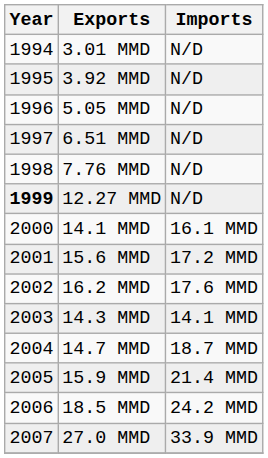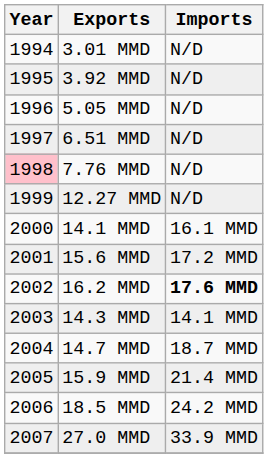 <table class="wikitable"  style="margin:1em auto;">
 <tr>
 <th>Year</th>
 <th>Exports</th>
 <th>Imports</th>
 </tr>
 <tr ---->
 <td>1994</td>
 <td>3.01 MMD</td>
 <td>N/D</td>
 </tr>
 <tr bgcolor="#EFEFEF">
 <td>1995</td>
 <td>3.92 MMD</td>
 <td>N/D</td>
 </tr>
 <tr ---->
 <td>1996</td>
 <td>5.05 MMD</td>
 <td>N/D</td>
 </tr>
 <tr bgcolor="#EFEFEF">
 <td>1997</td>
 <td>6.51 MMD</td>
 <td>N/D</td>
 </tr>
 <tr ---->
-<td>1998</td>
+<td style="background: pink;">1998</td>
 <td>7.76 MMD</td>
 <td>N/D</td>
 </tr>
 <tr bgcolor="#EFEFEF">
-<td><strong>1999</strong></td>
+<td>1999</td>
 <td>12.27 MMD</td>
 <td>N/D</td>
 </tr>
 <tr ---->
 <td>2000</td>
 <td>14.1 MMD</td>
 <td>16.1 MMD</td>
 </tr>
 <tr bgcolor="#EFEFEF">
 <td>2001</td>
 <td>15.6 MMD</td>
 <td>17.2 MMD</td>
 </tr>
 <tr ---->
 <td>2002</td>
 <td>16.2 MMD</td>
-<td>17.6 MMD</td>
+<td><strong>17.6 MMD</strong></td>
 </tr>
 <tr bgcolor="#EFEFEF">
 <td>2003</td>
 <td>14.3 MMD</td>
 <td>14.1 MMD</td>
 </tr>
 <tr ---->
 <td>2004</td>
 <td>14.7 MMD</td>
 <td>18.7 MMD</td>
 </tr>
 <tr bgcolor="#EFEFEF">
 <td>2005</td>
 <td>15.9 MMD</td>
 <td>21.4 MMD</td>
 </tr>
 <tr ---->
 <td>2006</td>
 <td>18.5 MMD</td>
 <td>24.2 MMD</td>
 </tr>
 <tr bgcolor="#EFEFEF">
 <td>2007</td>
 <td>27.0 MMD</td>
 <td>33.9 MMD</td>
 </tr>
 <tr ---->
 </tr>
 </table>
